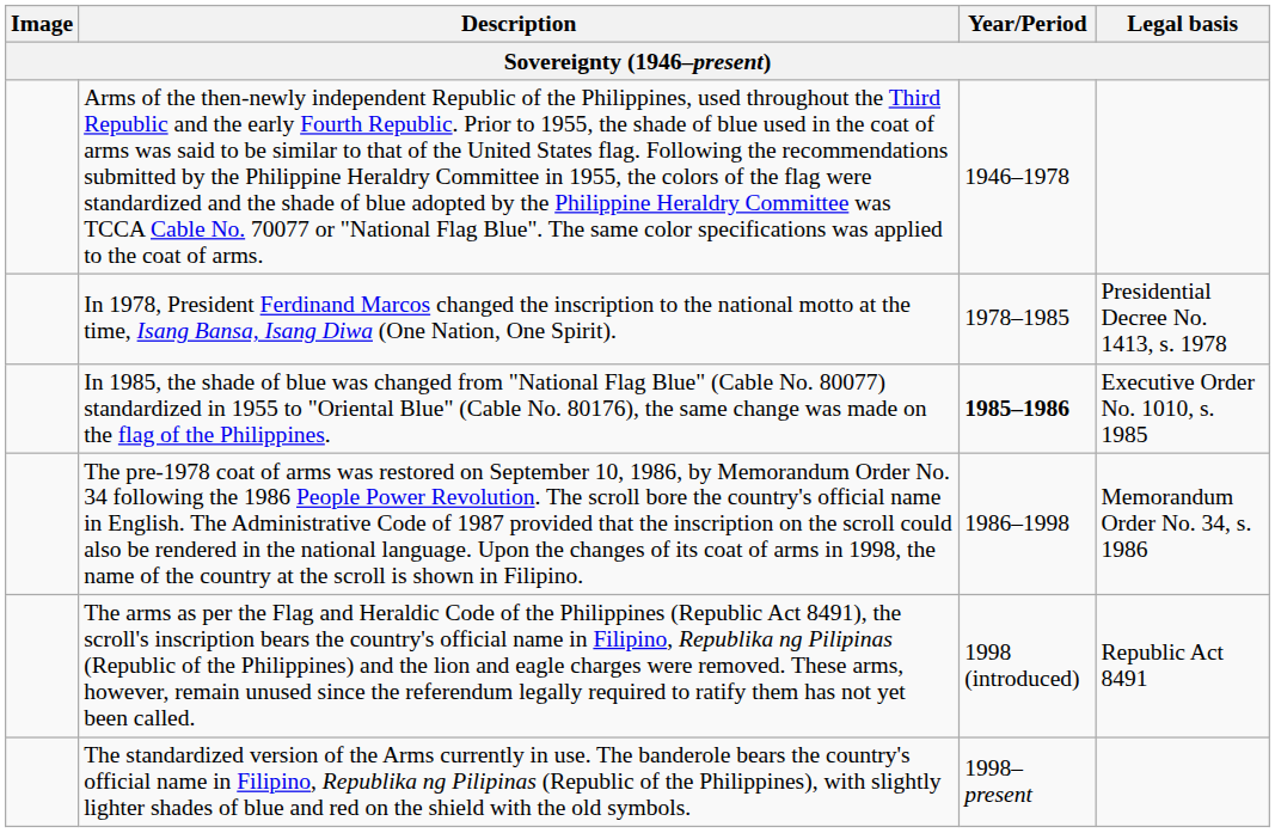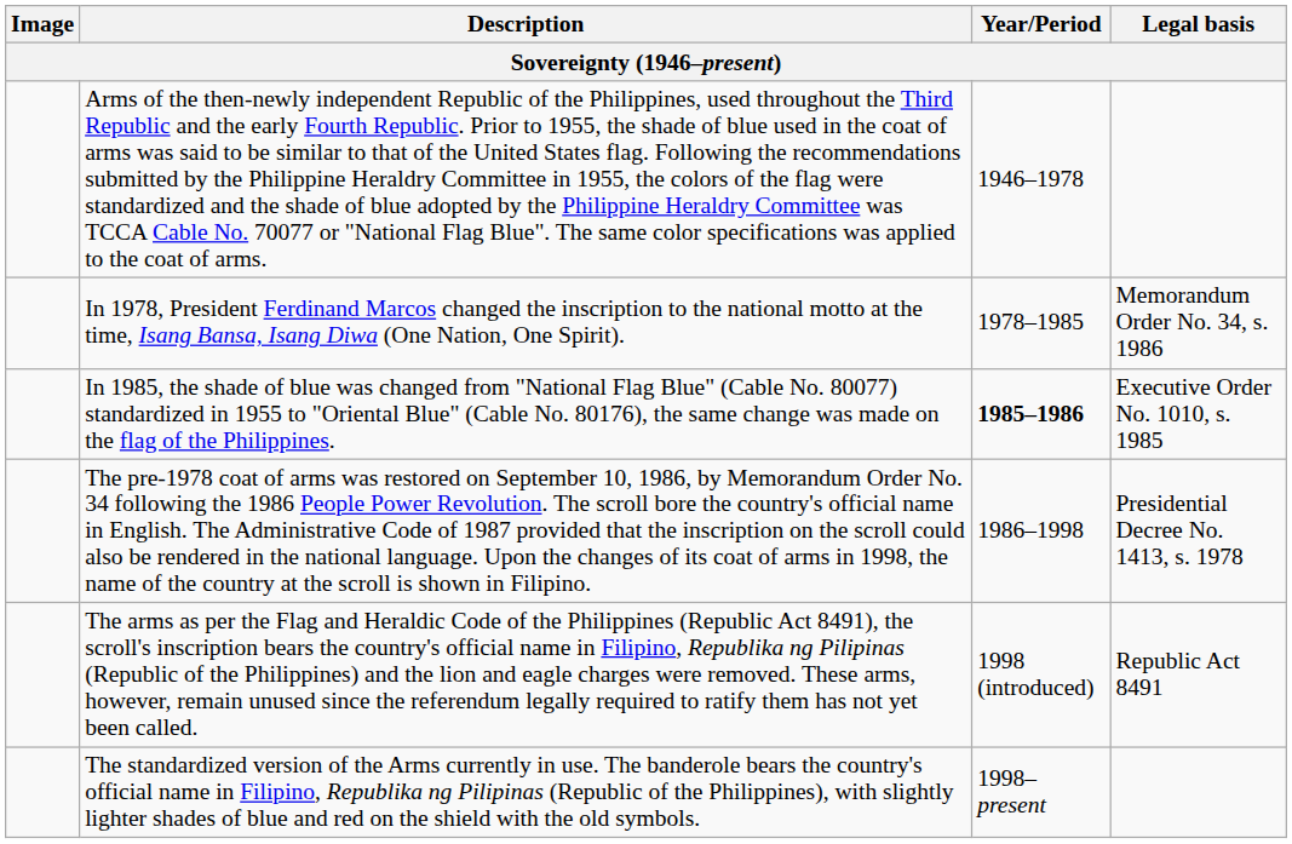 <table class="wikitable" align="center">
 <tr>
 <th>Image</th>
 <th>Description</th>
 <th>Year/Period</th>
 <th>Legal basis</th>
 </tr>
 <tr>
 <th colspan="4">Sovereignty (1946–<em>present</em>)</th>
 </tr>
 <tr>
 <td></td>
 <td>Arms of the then-newly independent Republic of the Philippines, used throughout the <a href='#'>Third Republic</a> and the early <a href='#'>Fourth Republic</a>. Prior to 1955, the shade of blue used in the coat of arms was said to be similar to that of the United States flag. Following the recommendations submitted by the Philippine Heraldry Committee in 1955, the colors of the flag were standardized and the shade of blue adopted by the <a href='#'>Philippine Heraldry Committee</a> was TCCA <a href='#'>Cable No.</a> 70077 or "National Flag Blue". The same color specifications was applied to the coat of arms.</td>
 <td>1946–1978</td>
 <td></td>
 </tr>
 <tr>
 <td></td>
 <td>In 1978, President <a href='#'>Ferdinand Marcos</a> changed the inscription to the national motto at the time, <em><a href='#'>Isang Bansa, Isang Diwa</a></em> (One Nation, One Spirit).</td>
 <td>1978–1985</td>
-<td>Presidential Decree No. 1413, s. 1978</td>
+<td>Memorandum Order No. 34, s. 1986</td>
 </tr>
 <tr>
 <td></td>
 <td>In 1985, the shade of blue was changed from "National Flag Blue" (Cable No. 80077) standardized in 1955 to "Oriental Blue" (Cable No. 80176), the same change was made on the <a href='#'>flag of the Philippines</a>.</td>
 <td><strong>1985–1986</strong></td>
 <td>Executive Order No. 1010, s. 1985</td>
 </tr>
 <tr>
 <td></td>
 <td>The pre-1978 coat of arms was restored on September 10, 1986, by Memorandum Order No. 34 following the 1986 <a href='#'>People Power Revolution</a>. The scroll bore the country's official name in English. The Administrative Code of 1987 provided that the inscription on the scroll could also be rendered in the national language. Upon the changes of its coat of arms in 1998, the name of the country at the scroll is shown in Filipino.</td>
 <td>1986–1998</td>
-<td>Memorandum Order No. 34, s. 1986</td>
+<td>Presidential Decree No. 1413, s. 1978</td>
 </tr>
 <tr>
 <td></td>
 <td>The arms as per the Flag and Heraldic Code of the Philippines (Republic Act 8491), the scroll's inscription bears the country's official name in <a href='#'>Filipino</a>, <em>Republika ng Pilipinas</em> (Republic of the Philippines) and the lion and eagle charges were removed. These arms, however, remain unused since the referendum legally required to ratify them has not yet been called.</td>
 <td>1998 (introduced)</td>
 <td>Republic Act 8491</td>
 </tr>
 <tr>
 <td></td>
 <td>The standardized version of the Arms currently in use. The banderole bears the country's official name in <a href='#'>Filipino</a>, <em>Republika ng Pilipinas</em> (Republic of the Philippines), with slightly lighter shades of blue and red on the shield with the old symbols.</td>
 <td>1998–<em>present</em></td>
 <td></td>
 </tr>
 </table>
